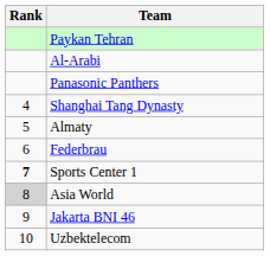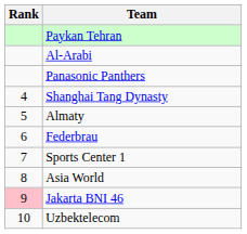 <table class="wikitable" style="text-align: center;">
 <tr>
 <th width=40>Rank</th>
 <th width=240>Team</th>
 </tr>
 <tr bgcolor=#CCFFCC>
 <td></td>
 <td align="left"> <a href='#'>Paykan Tehran</a></td>
 </tr>
 <tr>
 <td></td>
 <td align="left"> <a href='#'>Al-Arabi</a></td>
 </tr>
 <tr>
 <td></td>
 <td align="left"> <a href='#'>Panasonic Panthers</a></td>
 </tr>
 <tr>
 <td>4</td>
 <td align="left"> <a href='#'>Shanghai Tang Dynasty</a></td>
 </tr>
 <tr>
 <td>5</td>
 <td align="left"> Almaty</td>
 </tr>
 <tr>
 <td>6</td>
 <td align="left"> <a href='#'>Federbrau</a></td>
 </tr>
 <tr>
-<td><strong>7</strong></td>
+<td>7</td>
 <td align="left"> Sports Center 1</td>
 </tr>
 <tr>
-<td style="background: lightgrey;">8</td>
+<td>8</td>
 <td align="left"> Asia World</td>
 </tr>
 <tr>
-<td>9</td>
+<td style="background: pink;">9</td>
 <td align="left"> <a href='#'>Jakarta BNI 46</a></td>
 </tr>
 <tr>
 <td>10</td>
 <td align="left"> Uzbektelecom</td>
 </tr>
 </table>
